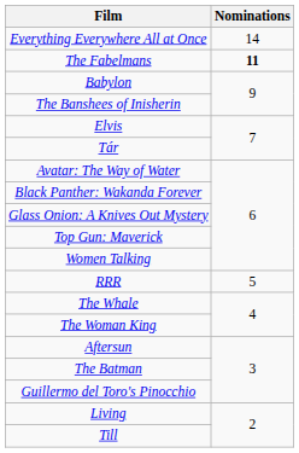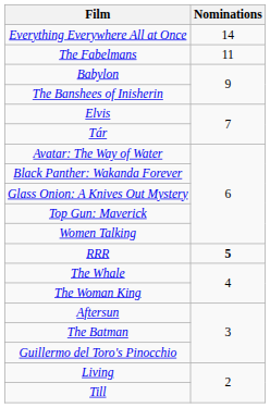 <table class="wikitable" rowspan="2" style="text-align:center" background: #f6e39c;>
 <tr>
 <th scope="col" style="text-align:center">Film</th>
 <th scope="col" style="width:55px">Nominations</th>
 </tr>
 <tr>
 <td><em><a href='#'>Everything Everywhere All at Once</a></em></td>
 <td style="text-align:center">14</td>
 </tr>
 <tr>
 <td><em><a href='#'>The Fabelmans</a></em></td>
-<td style="text-align:center"><strong>11</strong></td>
+<td style="text-align:center">11</td>
 </tr>
 <tr>
 <td><em><a href='#'>Babylon</a></em></td>
 <td rowspan="2" style="text-align:center">9</td>
 </tr>
 <tr>
 <td><em><a href='#'>The Banshees of Inisherin</a></em></td>
 </tr>
 <tr>
 <td><em><a href='#'>Elvis</a></em></td>
 <td rowspan="2" style="text-align:center">7</td>
 </tr>
 <tr>
 <td><em><a href='#'>Tár</a></em></td>
 </tr>
 <tr>
 <td><em><a href='#'>Avatar: The Way of Water</a></em></td>
 <td rowspan="5" style="text-align:center">6</td>
 </tr>
 <tr>
 <td><em><a href='#'>Black Panther: Wakanda Forever</a></em></td>
 </tr>
 <tr>
 <td><em><a href='#'>Glass Onion: A Knives Out Mystery</a></em></td>
 </tr>
 <tr>
 <td><em><a href='#'>Top Gun: Maverick</a></em></td>
 </tr>
 <tr>
 <td><em><a href='#'>Women Talking</a></em></td>
 </tr>
 <tr>
 <td><em><a href='#'>RRR</a></em></td>
-<td style="text-align:center">5</td>
+<td style="text-align:center"><strong>5</strong></td>
 </tr>
 <tr>
 <td><em><a href='#'>The Whale</a></em></td>
 <td rowspan="2" style="text-align:center">4</td>
 </tr>
 <tr>
 <td><em><a href='#'>The Woman King</a></em></td>
 </tr>
 <tr>
 <td><em><a href='#'>Aftersun</a></em></td>
 <td rowspan="3" style="text-align:center">3</td>
 </tr>
 <tr>
 <td><em><a href='#'>The Batman</a></em></td>
 </tr>
 <tr>
 <td><em><a href='#'>Guillermo del Toro's Pinocchio</a></em></td>
 </tr>
 <tr>
 <td><em><a href='#'>Living</a></em></td>
 <td rowspan="2" style="text-align:center">2</td>
 </tr>
 <tr>
 <td><em><a href='#'>Till</a></em></td>
 </tr>
 </table>
